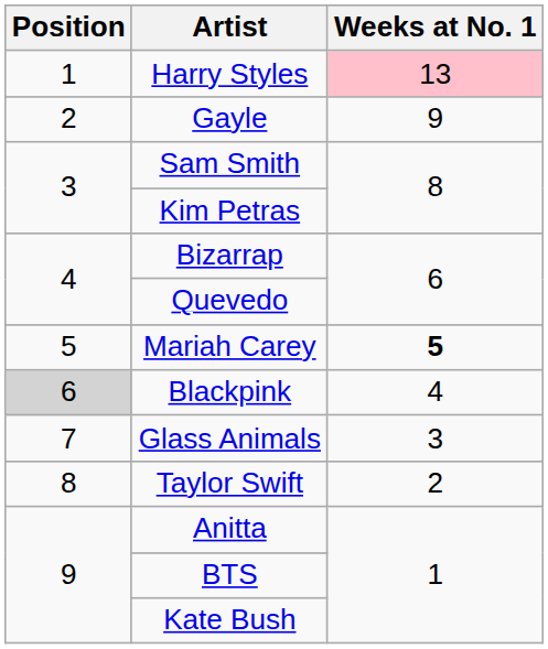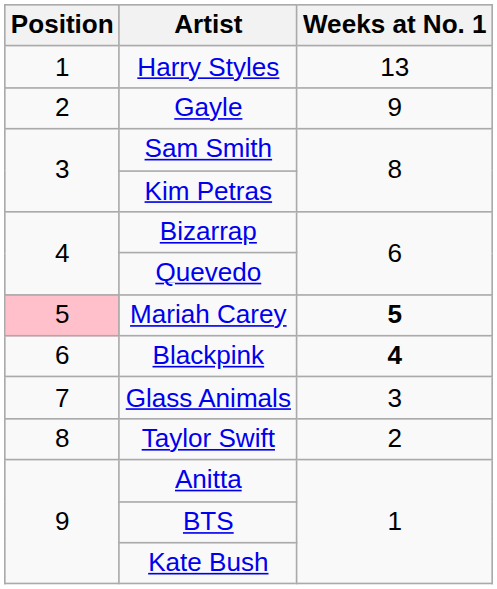 <table class="wikitable plainrowheaders" style="text-align:center;">
 <tr>
 <th>Position</th>
 <th>Artist</th>
 <th>Weeks at No. 1</th>
 </tr>
 <tr>
 <td>1</td>
 <td><a href='#'>Harry Styles</a></td>
-<td style="background: pink;">13</td>
+<td>13</td>
 </tr>
 <tr>
 <td>2</td>
 <td><a href='#'>Gayle</a></td>
 <td>9</td>
 </tr>
 <tr>
 <td rowspan="2">3</td>
 <td><a href='#'>Sam Smith</a></td>
 <td rowspan="2">8</td>
 </tr>
 <tr>
 <td><a href='#'>Kim Petras</a></td>
 </tr>
 <tr>
 <td rowspan="2">4</td>
 <td><a href='#'>Bizarrap</a></td>
 <td rowspan="2">6</td>
 </tr>
 <tr>
 <td><a href='#'>Quevedo</a></td>
 </tr>
 <tr>
-<td>5</td>
+<td style="background: pink;">5</td>
 <td><a href='#'>Mariah Carey</a></td>
 <td><strong>5</strong></td>
 </tr>
 <tr>
-<td style="background: lightgrey;">6</td>
+<td>6</td>
 <td><a href='#'>Blackpink</a></td>
-<td>4</td>
+<td><strong>4</strong></td>
 </tr>
 <tr>
 <td>7</td>
 <td><a href='#'>Glass Animals</a></td>
 <td>3</td>
 </tr>
 <tr>
 <td>8</td>
 <td><a href='#'>Taylor Swift</a></td>
 <td>2</td>
 </tr>
 <tr>
 <td rowspan="3">9</td>
 <td><a href='#'>Anitta</a></td>
 <td rowspan="3">1</td>
 </tr>
 <tr>
 <td><a href='#'>BTS</a></td>
 </tr>
 <tr>
 <td><a href='#'>Kate Bush</a></td>
 </tr>
 </table>
